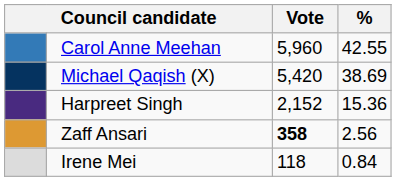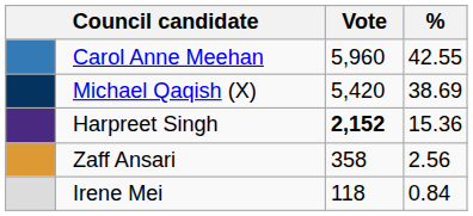 <table class="wikitable">
 <tr>
 <th bgcolor="#DDDDFF" width="230px" colspan="2">Council candidate</th>
 <th bgcolor="#DDDDFF" width="50px">Vote</th>
 <th bgcolor="#DDDDFF" width="30px">%</th>
 </tr>
 <tr>
 <td bgcolor=#337AB7 width="30px"> </td>
 <td>  <a href='#'>Carol Anne Meehan</a></td>
 <td>5,960</td>
 <td>42.55</td>
 </tr>
 <tr>
 <td bgcolor=#053360 width="30px"> </td>
 <td>  <a href='#'>Michael Qaqish</a> (X)</td>
 <td>5,420</td>
 <td>38.69</td>
 </tr>
 <tr>
 <td bgcolor=#492A80 width="30px"> </td>
 <td>  Harpreet Singh</td>
-<td>2,152</td>
+<td><strong>2,152</strong></td>
 <td>15.36</td>
 </tr>
 <tr>
 <td bgcolor=#DD9933 width="30px"> </td>
 <td>  Zaff Ansari</td>
-<td><strong>358</strong></td>
+<td>358</td>
 <td>2.56</td>
 </tr>
 <tr>
 <td bgcolor=#DCDCDC width="30px"> </td>
 <td>  Irene Mei</td>
 <td>118</td>
 <td>0.84</td>
 </tr>
 </table>
